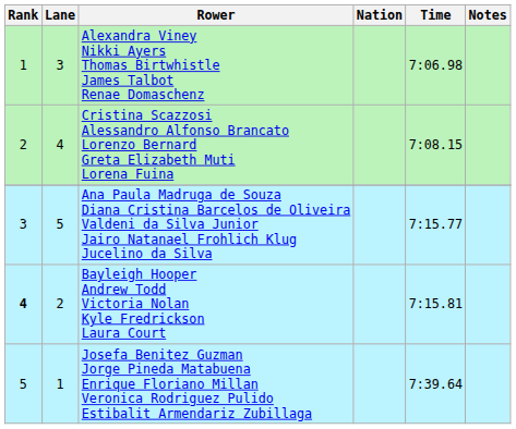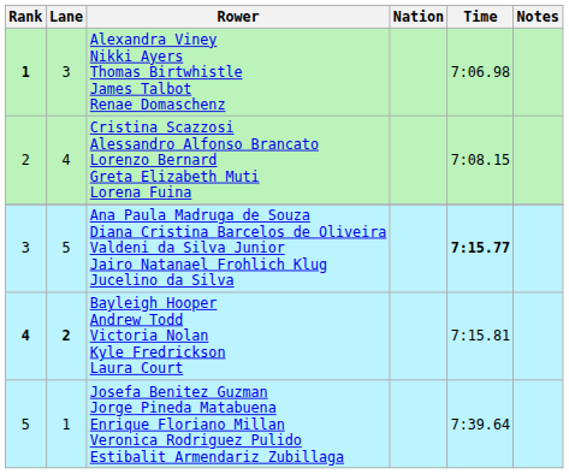 <table class="wikitable sortable" style="text-align:center">
 <tr>
 <th>Rank</th>
 <th>Lane</th>
 <th>Rower</th>
 <th>Nation</th>
 <th>Time</th>
 <th>Notes</th>
 </tr>
 <tr bgcolor=bbf3bb>
-<td>1</td>
+<td><strong>1</strong></td>
 <td>3</td>
 <td align="left"><a href='#'>Alexandra Viney</a><br><a href='#'>Nikki Ayers</a><br><a href='#'>Thomas Birtwhistle</a><br><a href='#'>James Talbot</a><br><a href='#'>Renae Domaschenz</a></td>
 <td align="left"></td>
 <td>7:06.98</td>
 <td></td>
 </tr>
 <tr bgcolor=bbf3bb>
 <td>2</td>
 <td>4</td>
 <td align="left"><a href='#'>Cristina Scazzosi</a><br><a href='#'>Alessandro Alfonso Brancato</a><br><a href='#'>Lorenzo Bernard</a><br><a href='#'>Greta Elizabeth Muti</a><br><a href='#'>Lorena Fuina</a></td>
 <td align="left"></td>
 <td>7:08.15</td>
 <td></td>
 </tr>
 <tr bgcolor=bbf3ff>
 </tr>
 <tr bgcolor=bbf3ff>
 <td>3</td>
 <td>5</td>
 <td align="left"><a href='#'>Ana Paula Madruga de Souza</a><br><a href='#'>Diana Cristina Barcelos de Oliveira</a><br><a href='#'>Valdeni da Silva Junior</a><br><a href='#'>Jairo Natanael Frohlich Klug</a><br><a href='#'>Jucelino da Silva</a></td>
 <td align="left"></td>
-<td>7:15.77</td>
+<td><strong>7:15.77</strong></td>
 <td></td>
 </tr>
 <tr bgcolor=bbf3ff>
 <td><strong>4</strong></td>
-<td>2</td>
+<td><strong>2</strong></td>
 <td align="left"><a href='#'>Bayleigh Hooper</a><br><a href='#'>Andrew Todd</a><br><a href='#'>Victoria Nolan</a><br><a href='#'>Kyle Fredrickson</a><br><a href='#'>Laura Court</a></td>
 <td align="left"></td>
 <td>7:15.81</td>
 <td></td>
 </tr>
 <tr bgcolor=bbf3ff>
 <td>5</td>
 <td>1</td>
 <td align="left"><a href='#'>Josefa Benitez Guzman</a><br><a href='#'>Jorge Pineda Matabuena</a><br><a href='#'>Enrique Floriano Millan</a><br><a href='#'>Veronica Rodriguez Pulido</a><br><a href='#'>Estibalit Armendariz Zubillaga</a></td>
 <td align="left"></td>
 <td>7:39.64</td>
 <td></td>
 </tr>
 </table>
